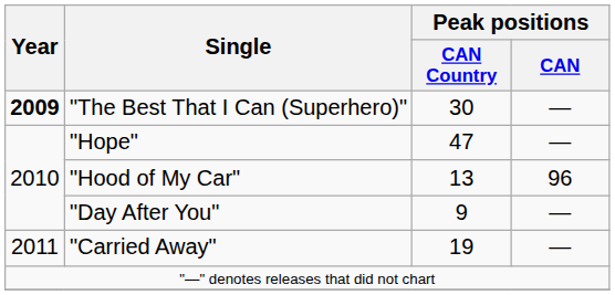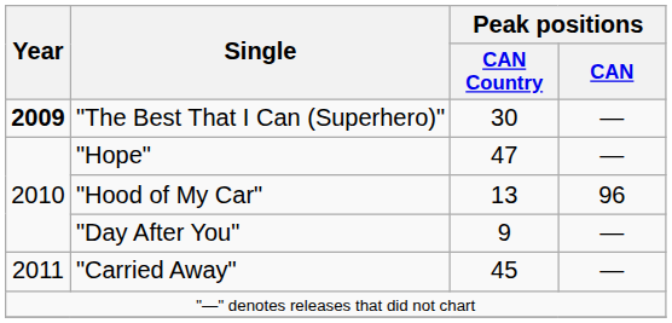 <table class="wikitable" style="text-align:center;">
 <tr>
 <th rowspan="2">Year</th>
 <th rowspan="2">Single</th>
 <th colspan="2«">Peak positions</th>
 </tr>
 <tr style="font-size:smaller;">
 <th width="65"><a href='#'>CAN Country</a><br></th>
 <th width="65"><a href='#'>CAN</a><br></th>
 </tr>
 <tr>
 <td><strong>2009</strong></td>
 <td align="left">"The Best That I Can (Superhero)"</td>
 <td>30</td>
 <td>—</td>
 </tr>
 <tr>
 <td rowspan="3">2010</td>
 <td align="left">"Hope"</td>
 <td>47</td>
 <td>—</td>
 </tr>
 <tr>
 <td align="left">"Hood of My Car"</td>
 <td>13</td>
 <td>96</td>
 </tr>
 <tr>
 <td align="left">"Day After You"</td>
 <td>9</td>
 <td>—</td>
 </tr>
 <tr>
 <td>2011</td>
 <td align="left">"Carried Away"</td>
-<td>19</td>
+<td>45</td>
 <td>—</td>
 </tr>
 <tr>
 <td colspan="4" style="font-size:8pt">"—" denotes releases that did not chart</td>
 </tr>
 <tr>
 </tr>
 </table>
